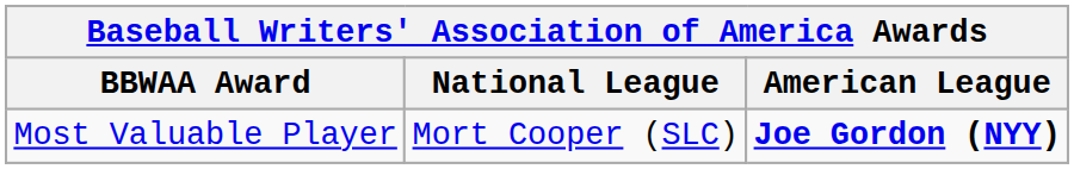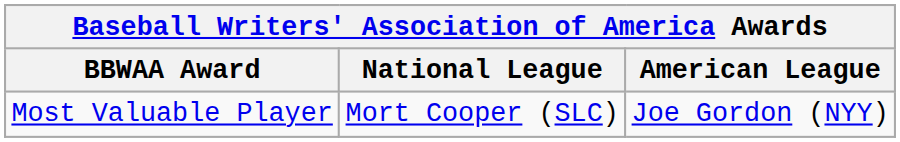 <table class="wikitable">
 <tr>
 <th colspan="3"><a href='#'>Baseball Writers' Association of America</a> Awards</th>
 </tr>
 <tr>
 <th>BBWAA Award</th>
 <th>National League</th>
 <th>American League</th>
 </tr>
 <tr>
 <td><a href='#'>Most Valuable Player</a></td>
 <td><a href='#'>Mort Cooper</a> (<a href='#'>SLC</a>)</td>
-<td><strong><a href='#'>Joe Gordon</a> (<a href='#'>NYY</a>)</strong></td>
+<td><a href='#'>Joe Gordon</a> (<a href='#'>NYY</a>)</td>
 </tr>
 </table>
